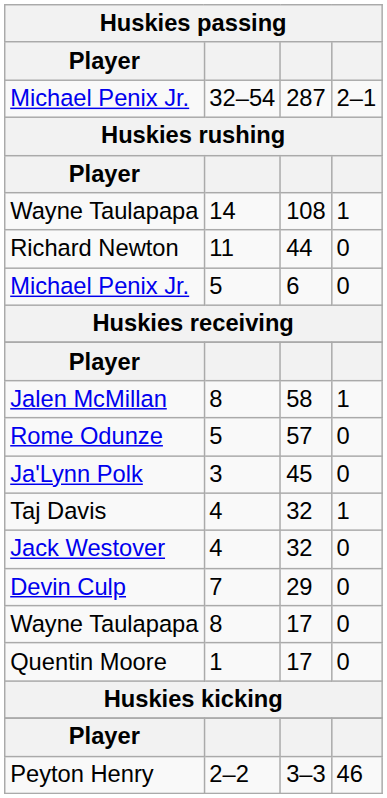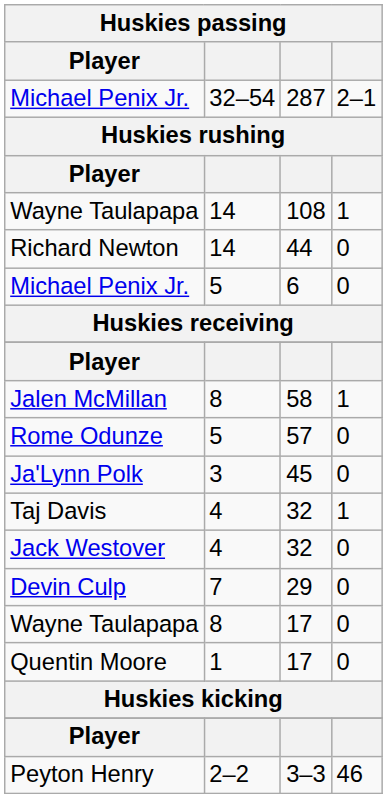 <table class="wikitable plainrowheaders">
 <tr>
 <th colspan="6">Huskies passing</th>
 </tr>
 <tr>
 <th scope="col">Player</th>
 <th scope="col"></th>
 <th scope="col"></th>
 <th scope="col"></th>
 </tr>
 <tr>
 <td><a href='#'>Michael Penix Jr.</a></td>
 <td>32–54</td>
 <td>287</td>
 <td>2–1</td>
 </tr>
 <tr>
 <th colspan="6">Huskies rushing</th>
 </tr>
 <tr>
 <th scope="col">Player</th>
 <th scope="col"></th>
 <th scope="col"></th>
 <th scope="col"></th>
 </tr>
 <tr>
 <td>Wayne Taulapapa</td>
 <td>14</td>
 <td>108</td>
 <td>1</td>
 </tr>
 <tr>
 <td>Richard Newton</td>
-<td>11</td>
+<td>14</td>
 <td>44</td>
 <td>0</td>
 </tr>
 <tr>
 <td><a href='#'>Michael Penix Jr.</a></td>
 <td>5</td>
 <td>6</td>
 <td>0</td>
 </tr>
 <tr>
 <th colspan="6">Huskies receiving</th>
 </tr>
 <tr>
 </tr>
 <tr>
 <th scope="col">Player</th>
 <th scope="col"></th>
 <th scope="col"></th>
 <th scope="col"></th>
 </tr>
 <tr>
 <td><a href='#'>Jalen McMillan</a></td>
 <td>8</td>
 <td>58</td>
 <td>1</td>
 </tr>
 <tr>
 <td><a href='#'>Rome Odunze</a></td>
 <td>5</td>
 <td>57</td>
 <td>0</td>
 </tr>
 <tr>
 <td><a href='#'>Ja'Lynn Polk</a></td>
 <td>3</td>
 <td>45</td>
 <td>0</td>
 </tr>
 <tr>
 <td>Taj Davis</td>
 <td>4</td>
 <td>32</td>
 <td>1</td>
 </tr>
 <tr>
 <td><a href='#'>Jack Westover</a></td>
 <td>4</td>
 <td>32</td>
 <td>0</td>
 </tr>
 <tr>
 <td><a href='#'>Devin Culp</a></td>
 <td>7</td>
 <td>29</td>
 <td>0</td>
 </tr>
 <tr>
 <td>Wayne Taulapapa</td>
 <td>8</td>
 <td>17</td>
 <td>0</td>
 </tr>
 <tr>
 <td>Quentin Moore</td>
 <td>1</td>
 <td>17</td>
 <td>0</td>
 </tr>
 <tr>
 <th colspan="6">Huskies kicking</th>
 </tr>
 <tr>
 </tr>
 <tr>
 <th scope="col">Player</th>
 <th scope="col"></th>
 <th scope="col"></th>
 <th scope="col"></th>
 </tr>
 <tr>
 <td>Peyton Henry</td>
 <td>2–2</td>
 <td>3–3</td>
 <td>46</td>
 </tr>
 <tr>
 </tr>
 </table>
